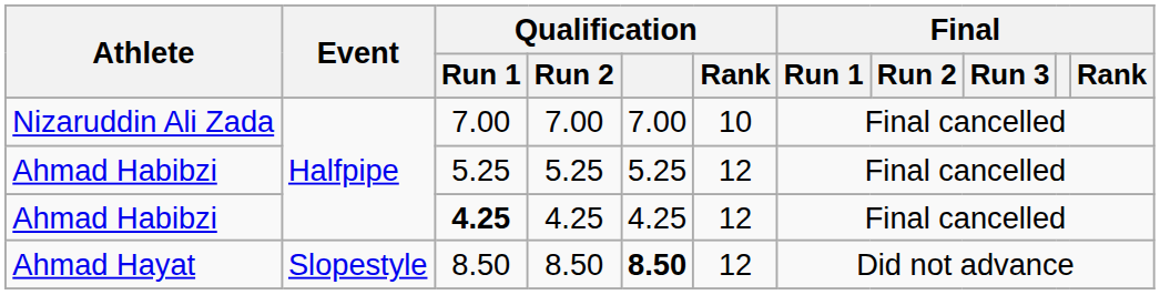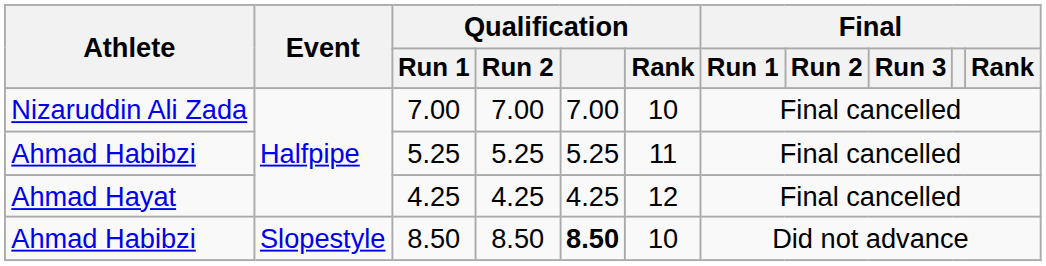 <table class=wikitable style=font-size:90%;text-align:center>
 <tr>
 <th rowspan=2>Athlete</th>
 <th rowspan=2>Event</th>
 <th colspan=4>Qualification</th>
 <th colspan=5>Final</th>
 </tr>
 <tr style=font-size:95%>
 <th>Run 1</th>
 <th>Run 2</th>
 <th></th>
 <th>Rank</th>
 <th>Run 1</th>
 <th>Run 2</th>
 <th>Run 3</th>
 <th></th>
 <th>Rank</th>
 </tr>
 <tr>
 <td align=left><a href='#'>Nizaruddin Ali Zada</a></td>
 <td align=left rowspan=3><a href='#'>Halfpipe</a></td>
 <td>7.00</td>
 <td>7.00</td>
 <td>7.00</td>
 <td>10</td>
 <td colspan=5>Final cancelled</td>
 </tr>
 <tr>
 <td align=left><a href='#'>Ahmad Habibzi</a></td>
 <td>5.25</td>
 <td>5.25</td>
 <td>5.25</td>
-<td>12</td>
+<td>11</td>
 <td colspan=5>Final cancelled</td>
 </tr>
 <tr>
-<td align=left><a href='#'>Ahmad Habibzi</a></td>
-<td><strong>4.25</strong></td>
+<td align=left><a href='#'>Ahmad Hayat</a></td>
+<td>4.25</td>
 <td>4.25</td>
 <td>4.25</td>
 <td>12</td>
 <td colspan=5>Final cancelled</td>
 </tr>
 <tr>
-<td align=left><a href='#'>Ahmad Hayat</a></td>
+<td align=left><a href='#'>Ahmad Habibzi</a></td>
 <td align=left><a href='#'>Slopestyle</a></td>
 <td>8.50</td>
 <td>8.50</td>
 <td><strong>8.50</strong></td>
-<td>12</td>
+<td>10</td>
 <td colspan=5>Did not advance</td>
 </tr>
 </table>
